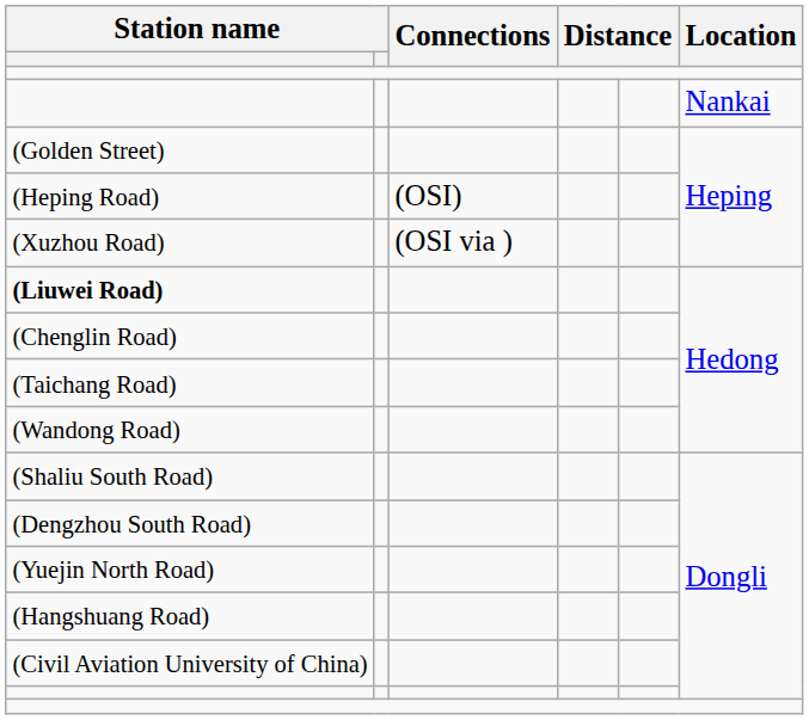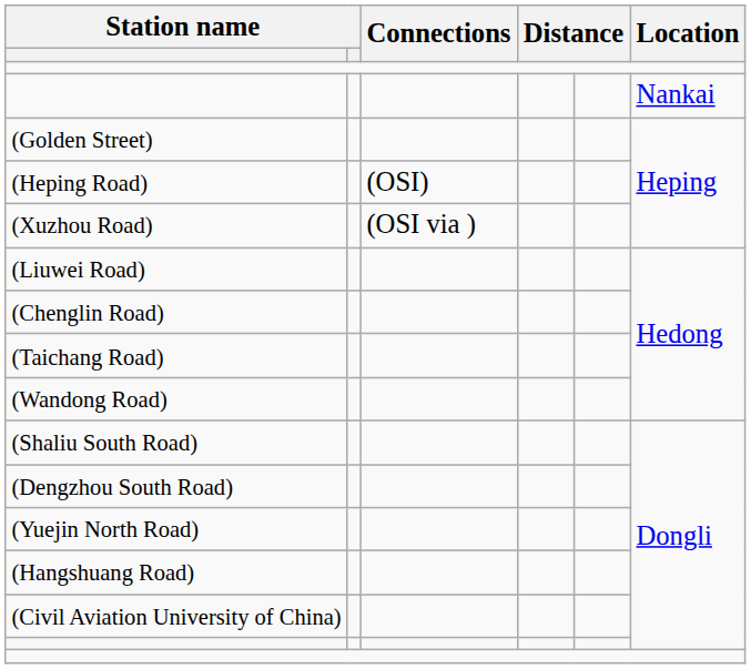 <table class="wikitable">
 <tr>
 <th colspan="2">Station name</th>
 <th rowspan="2">Connections</th>
 <th colspan="2" rowspan="2">Distance<br></th>
 <th rowspan="2">Location</th>
 </tr>
 <tr>
 <th></th>
 <th></th>
 </tr>
 <tr style="background:#">
 <td colspan = "6"></td>
 </tr>
 <tr>
 <td></td>
 <td></td>
 <td></td>
 <td></td>
 <td></td>
 <td><a href='#'>Nankai</a></td>
 </tr>
 <tr>
 <td> <small>(Golden Street)</small></td>
 <td></td>
 <td></td>
 <td></td>
 <td></td>
 <td rowspan="3"><a href='#'>Heping</a></td>
 </tr>
 <tr>
 <td> <small>(Heping Road)</small></td>
 <td></td>
 <td> (OSI)</td>
 <td></td>
 <td></td>
 </tr>
 <tr>
 <td> <small>(Xuzhou Road)</small></td>
 <td></td>
 <td> (OSI via )</td>
 <td></td>
 <td></td>
 </tr>
 <tr>
-<td><strong> <small>(Liuwei Road)</small></strong></td>
+<td> <small>(Liuwei Road)</small></td>
 <td></td>
 <td></td>
 <td></td>
 <td></td>
 <td rowspan="4"><a href='#'>Hedong</a></td>
 </tr>
 <tr>
 <td> <small>(Chenglin Road)</small></td>
 <td></td>
 <td></td>
 <td></td>
 <td></td>
 </tr>
 <tr>
 <td> <small>(Taichang Road)</small></td>
 <td></td>
 <td></td>
 <td></td>
 <td></td>
 </tr>
 <tr>
 <td> <small>(Wandong Road)</small></td>
 <td></td>
 <td></td>
 <td></td>
 <td></td>
 </tr>
 <tr>
 <td> <small>(Shaliu South Road)</small></td>
 <td></td>
 <td></td>
 <td></td>
 <td></td>
 <td rowspan="6"><a href='#'>Dongli</a></td>
 </tr>
 <tr>
 <td> <small>(Dengzhou South Road)</small></td>
 <td></td>
 <td></td>
 <td></td>
 <td></td>
 </tr>
 <tr>
 <td> <small>(Yuejin North Road)</small></td>
 <td></td>
 <td></td>
 <td></td>
 <td></td>
 </tr>
 <tr>
 <td> <small>(Hangshuang Road)</small></td>
 <td></td>
 <td></td>
 <td></td>
 <td></td>
 </tr>
 <tr>
 <td> <small>(Civil Aviation University of China)</small></td>
 <td></td>
 <td></td>
 <td></td>
 <td></td>
 </tr>
 <tr>
 <td></td>
 <td></td>
 <td></td>
 <td></td>
 <td></td>
 </tr>
 <tr style="background:#">
 <td colspan = "6"></td>
 </tr>
 </table>
